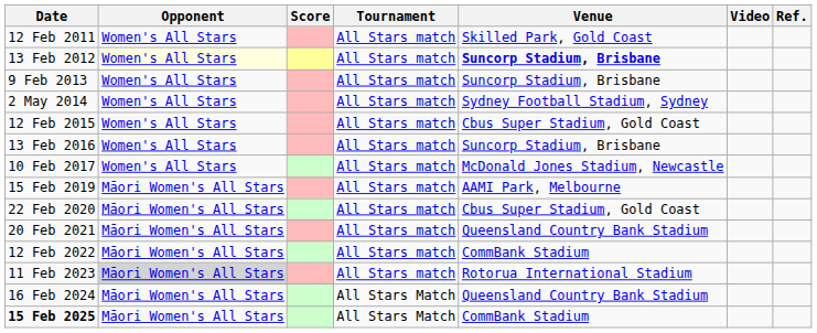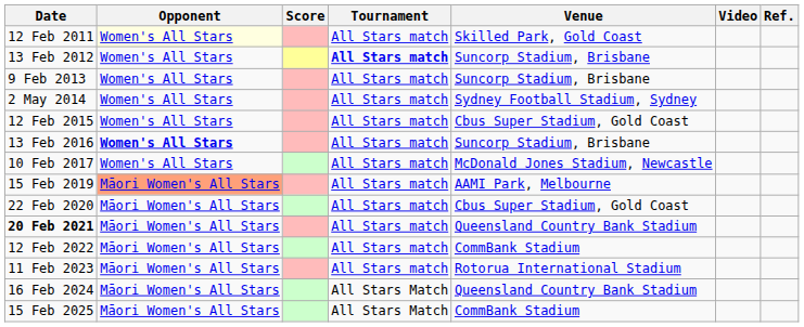 <table class=wikitable>
 <tr>
 <th>Date</th>
 <th>Opponent</th>
 <th>Score</th>
 <th>Tournament</th>
 <th>Venue</th>
 <th>Video</th>
 <th>Ref.</th>
 </tr>
 <tr>
 <td>12 Feb 2011</td>
-<td> <a href='#'>Women's All Stars</a></td>
+<td style="background: lightyellow;"> <a href='#'>Women's All Stars</a></td>
 <td bgcolor="#FFBBBB"></td>
 <td><a href='#'>All Stars match</a></td>
 <td> <a href='#'>Skilled Park</a>, <a href='#'>Gold Coast</a></td>
 <td align=center></td>
 <td></td>
 </tr>
 <tr>
 <td>13 Feb 2012</td>
-<td style="background: lightyellow;"> <a href='#'>Women's All Stars</a></td>
+<td> <a href='#'>Women's All Stars</a></td>
 <td bgcolor="#FFFF99"></td>
-<td><a href='#'>All Stars match</a></td>
-<td><strong> <a href='#'>Suncorp Stadium</a>, <a href='#'>Brisbane</a></strong></td>
+<td><strong><a href='#'>All Stars match</a></strong></td>
+<td> <a href='#'>Suncorp Stadium</a>, <a href='#'>Brisbane</a></td>
 <td align=center></td>
 <td></td>
 </tr>
 <tr>
 <td>9 Feb 2013</td>
 <td> <a href='#'>Women's All Stars</a></td>
 <td bgcolor="#FFBBBB"></td>
 <td><a href='#'>All Stars match</a></td>
 <td> <a href='#'>Suncorp Stadium</a>, Brisbane</td>
 <td align=center></td>
 <td></td>
 </tr>
 <tr>
 <td>2 May 2014</td>
 <td> <a href='#'>Women's All Stars</a></td>
 <td bgcolor="#FFBBBB"></td>
 <td><a href='#'>All Stars match</a></td>
 <td> <a href='#'>Sydney Football Stadium</a>, <a href='#'>Sydney</a></td>
 <td align=center></td>
 <td></td>
 </tr>
 <tr>
 <td>12 Feb 2015</td>
 <td> <a href='#'>Women's All Stars</a></td>
 <td bgcolor="#FFBBBB"></td>
 <td><a href='#'>All Stars match</a></td>
 <td> <a href='#'>Cbus Super Stadium</a>, Gold Coast</td>
 <td align=center></td>
 <td></td>
 </tr>
 <tr>
 <td>13 Feb 2016</td>
-<td> <a href='#'>Women's All Stars</a></td>
+<td><strong> <a href='#'>Women's All Stars</a></strong></td>
 <td bgcolor="#FFBBBB"></td>
 <td><a href='#'>All Stars match</a></td>
 <td> <a href='#'>Suncorp Stadium</a>, Brisbane</td>
 <td align=center></td>
 <td></td>
 </tr>
 <tr>
 <td>10 Feb 2017</td>
 <td> <a href='#'>Women's All Stars</a></td>
 <td bgcolor="#CCFFCC"></td>
 <td><a href='#'>All Stars match</a></td>
 <td> <a href='#'>McDonald Jones Stadium</a>, <a href='#'>Newcastle</a></td>
 <td align=center></td>
 <td></td>
 </tr>
 <tr>
 <td>15 Feb 2019</td>
-<td> <a href='#'>Māori Women's All Stars</a></td>
+<td style="background: lightsalmon;"> <a href='#'>Māori Women's All Stars</a></td>
 <td bgcolor="#FFBBBB"></td>
 <td><a href='#'>All Stars match</a></td>
 <td> <a href='#'>AAMI Park</a>, <a href='#'>Melbourne</a></td>
 <td align=center></td>
 <td></td>
 </tr>
 <tr>
 <td>22 Feb 2020</td>
 <td> <a href='#'>Māori Women's All Stars</a></td>
 <td bgcolor="#CCFFCC"></td>
 <td><a href='#'>All Stars match</a></td>
 <td> <a href='#'>Cbus Super Stadium</a>, Gold Coast</td>
 <td align=center></td>
 <td></td>
 </tr>
 <tr>
-<td>20 Feb 2021</td>
+<td><strong>20 Feb 2021</strong></td>
 <td> <a href='#'>Māori Women's All Stars</a></td>
 <td bgcolor="#FFBBBB"></td>
 <td><a href='#'>All Stars match</a></td>
 <td> <a href='#'>Queensland Country Bank Stadium</a></td>
 <td align=center></td>
 <td></td>
 </tr>
 <tr>
 <td>12 Feb 2022</td>
 <td> <a href='#'>Māori Women's All Stars</a></td>
 <td bgcolor="#CCFFCC"></td>
 <td><a href='#'>All Stars match</a></td>
 <td> <a href='#'>CommBank Stadium</a></td>
 <td align=center></td>
 <td></td>
 </tr>
 <tr>
 <td>11 Feb 2023</td>
-<td style="background: lightgrey;"> <a href='#'>Māori Women's All Stars</a></td>
+<td> <a href='#'>Māori Women's All Stars</a></td>
 <td bgcolor="#FFBBBB"></td>
 <td><a href='#'>All Stars match</a></td>
 <td> <a href='#'>Rotorua International Stadium</a></td>
 <td align=center></td>
 <td></td>
 </tr>
 <tr>
 <td>16 Feb 2024</td>
 <td> <a href='#'>Māori Women's All Stars</a></td>
 <td bgcolor="#CCFFCC"></td>
 <td>All Stars Match</td>
 <td> <a href='#'>Queensland Country Bank Stadium</a></td>
 <td align=center></td>
 <td></td>
 </tr>
 <tr>
-<td><strong>15 Feb 2025</strong></td>
+<td>15 Feb 2025</td>
 <td> <a href='#'>Māori Women's All Stars</a></td>
 <td bgcolor="#CCFFCC"></td>
 <td>All Stars Match</td>
 <td> <a href='#'>CommBank Stadium</a></td>
 <td align=center></td>
 <td></td>
 </tr>
 </table>
